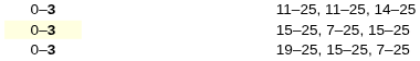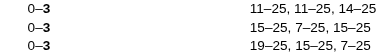 <table>
 <tr>
 <th width=200></th>
 <th width=80></th>
 <th width=200></th>
 <th width=220></th>
 </tr>
 <tr>
 <td align=right></td>
 <td align=center>0–<strong>3</strong></td>
 <td><strong></strong></td>
 <td>11–25, 11–25, 14–25</td>
 </tr>
 <tr>
 <td align=right></td>
-<td align=center style="background: lightyellow;">0–<strong>3</strong></td>
+<td align=center>0–<strong>3</strong></td>
 <td><strong></strong></td>
 <td>15–25, 7–25, 15–25</td>
 </tr>
 <tr>
 <td align=right></td>
 <td align=center>0–<strong>3</strong></td>
 <td><strong></strong></td>
 <td>19–25, 15–25, 7–25</td>
 </tr>
 </table>
